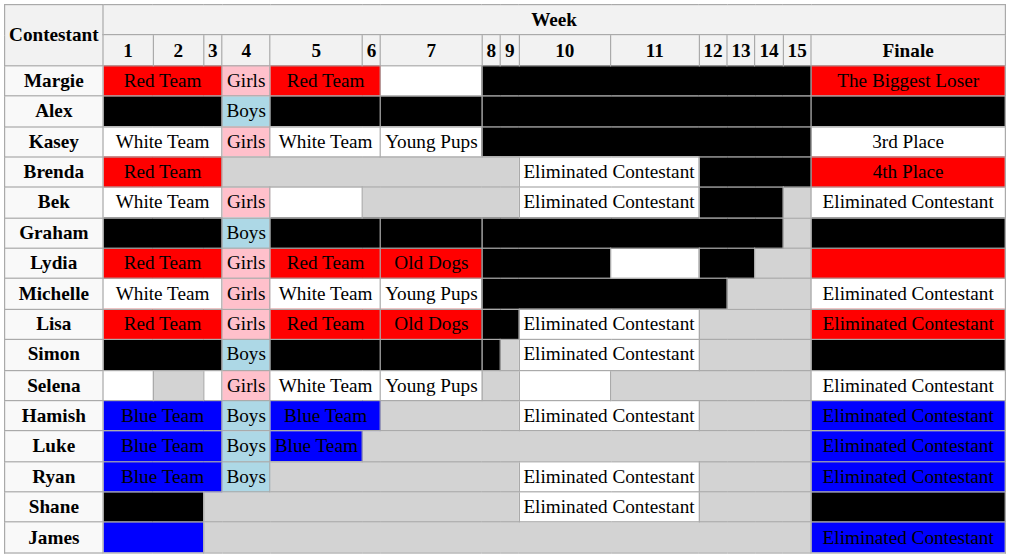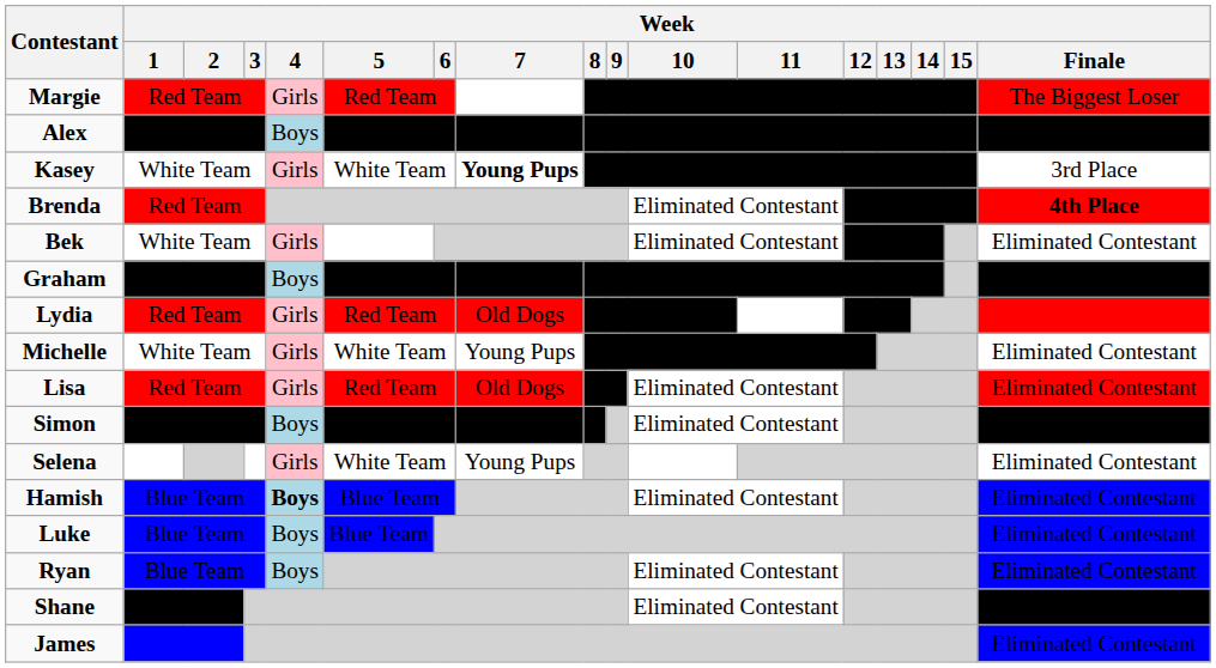 <table class="wikitable" style="text-align:center" align="center">
 <tr>
 <th rowspan=2>Contestant</th>
 <th colspan=16>Week</th>
 </tr>
 <tr>
 <th>1</th>
 <th>2</th>
 <th>3</th>
 <th>4</th>
 <th>5</th>
 <th>6</th>
 <th>7</th>
 <th>8</th>
 <th>9</th>
 <th>10</th>
 <th>11</th>
 <th>12</th>
 <th>13</th>
 <th>14</th>
 <th>15</th>
 <th>Finale</th>
 </tr>
 <tr>
 <td><strong>Margie</strong></td>
 <td bgcolor="red" colspan="3"><span>Red Team</span></td>
 <td bgcolor="pink" colspan="1">Girls</td>
 <td bgcolor="red" colspan="2"><span>Red Team</span></td>
 <td bgcolor="white" colspan="1"></td>
 <td bgcolor="black" colspan="8"><span>Black Player</span></td>
 <td bgcolor="red" colspan><span>The Biggest Loser</span></td>
 </tr>
 <tr>
 <td><strong>Alex</strong></td>
 <td bgcolor="black" colspan="3"><span></span></td>
 <td bgcolor="lightblue" colspan="1">Boys</td>
 <td bgcolor="black" colspan="2"><span></span></td>
 <td bgcolor="black" colspan="1"><span>Old Dogs</span></td>
 <td bgcolor="black" colspan="8"><span></span></td>
 <td bgcolor="black" colspan><span>Runner Up</span></td>
 </tr>
 <tr>
 <td><strong>Kasey</strong></td>
 <td bgcolor="white" colspan="3">White Team</td>
 <td bgcolor="pink" colspan="1">Girls</td>
 <td bgcolor="white" colspan="2">White Team</td>
-<td bgcolor="white" colspan="1">Young Pups</td>
+<td bgcolor="white" colspan="1"><strong>Young Pups</strong></td>
 <td bgcolor="black" colspan="8"><span>Black Player</span></td>
 <td bgcolor="white" colspan>3rd Place</td>
 </tr>
 <tr>
 <td><strong>Brenda</strong></td>
 <td bgcolor="red" colspan="3"><span>Red Team</span></td>
 <td bgcolor="lightgrey" colspan="6"></td>
 <td bgcolor="white" colspan="2">Eliminated Contestant</td>
 <td bgcolor="black" colspan="4"><span>Black Player</span></td>
-<td bgcolor="red" colspan><span>4th Place</span></td>
+<td bgcolor="red" colspan><strong><span>4th Place</span></strong></td>
 </tr>
 <tr>
 <td><strong>Bek</strong></td>
 <td bgcolor="white" colspan="3">White Team</td>
 <td bgcolor="pink" colspan="1">Girls</td>
 <td bgcolor="white" colspan></td>
 <td bgcolor="lightgrey" colspan="4"></td>
 <td bgcolor="white" colspan="2">Eliminated Contestant</td>
 <td bgcolor="black" colspan="3"><span></span></td>
 <td bgcolor="lightgrey" colspan></td>
 <td bgcolor="white" colspan>Eliminated Contestant</td>
 </tr>
 <tr>
 <td><strong>Graham</strong></td>
 <td bgcolor="black" colspan="3"><span>Black Team</span></td>
 <td bgcolor="lightblue" colspan="1">Boys</td>
 <td bgcolor="black" colspan="2"><span>Black Team</span></td>
 <td bgcolor="black" colspan="1"><span>Old Dogs</span></td>
 <td bgcolor="black" colspan="7"><span>Black Player</span></td>
 <td bgcolor="lightgrey" colspan></td>
-<td bgcolor="black" colspan><strong><span>Eliminated Contestant</span></strong></td>
+<td bgcolor="black" colspan><span>Eliminated Contestant</span></td>
 </tr>
 <tr>
 <td><strong>Lydia</strong></td>
 <td bgcolor="red" colspan="3"><span>Red Team</span></td>
 <td bgcolor="pink" colspan="1">Girls</td>
 <td bgcolor="red" colspan="2"><span>Red Team</span></td>
 <td bgcolor="red" colspan="1"><span>Old Dogs</span></td>
 <td bgcolor="black" colspan="3"><span>Black Player</span></td>
 <td bgcolor="white" colspan></td>
 <td bgcolor="black" colspan="2"><span></span></td>
 <td bgcolor="lightgrey" colspan=2></td>
 <td bgcolor="red" colspan="1"><span></span></td>
 </tr>
 <tr>
 <td><strong>Michelle</strong></td>
 <td bgcolor="white" colspan="3">White Team</td>
 <td bgcolor="pink" colspan="1">Girls</td>
 <td bgcolor="white" colspan="2">White Team</td>
 <td bgcolor="white" colspan="1">Young Pups</td>
 <td bgcolor="black" colspan="5"><span>Black Player</span></td>
 <td bgcolor="lightgrey" colspan="3"></td>
 <td bgcolor="white" colspan>Eliminated Contestant</td>
 </tr>
 <tr>
 <td><strong>Lisa</strong></td>
 <td bgcolor="red" colspan="3"><span>Red Team</span></td>
 <td bgcolor="pink" colspan="1">Girls</td>
 <td bgcolor="red" colspan="2"><span>Red Team</span></td>
 <td bgcolor="red" colspan="1"><span>Old Dogs</span></td>
 <td bgcolor="black" colspan="2"><span></span></td>
 <td bgcolor="white" colspan="2">Eliminated Contestant</td>
 <td bgcolor="lightgrey" colspan="4"></td>
 <td bgcolor="red" colspan><span>Eliminated Contestant</span></td>
 </tr>
 <tr>
 <td><strong>Simon</strong></td>
 <td bgcolor="black" colspan="3"><span>Black Team</span></td>
 <td bgcolor="lightblue" colspan="1">Boys</td>
 <td bgcolor="black" colspan="2"><span>Black Team</span></td>
 <td bgcolor="black" colspan="1"><span>Old Dogs</span></td>
 <td bgcolor="black" colspan><span></span></td>
 <td bgcolor="lightgrey" colspan="1"></td>
 <td bgcolor="white" colspan="2">Eliminated Contestant</td>
 <td bgcolor="lightgrey" colspan="4"></td>
 <td bgcolor="black" colspan><span>Eliminated Contestant</span></td>
 </tr>
 <tr>
 <td><strong>Selena</strong></td>
 <td bgcolor="white" colspan="1"></td>
 <td bgcolor="lightgrey" colspan="1"></td>
 <td bgcolor="white" colspan="1"></td>
 <td bgcolor="pink" colspan="1">Girls</td>
 <td bgcolor="white" colspan="2">White Team</td>
 <td bgcolor="white" colspan="1">Young Pups</td>
 <td bgcolor="lightgrey" colspan="2"></td>
 <td bgcolor="white" colspan></td>
 <td bgcolor="lightgrey" colspan="5"></td>
 <td bgcolor="white" colspan>Eliminated Contestant</td>
 </tr>
 <tr>
 <td><strong>Hamish</strong></td>
 <td bgcolor="blue" colspan="3"><span>Blue Team</span></td>
-<td bgcolor="lightblue" colspan="1">Boys</td>
+<td bgcolor="lightblue" colspan="1"><strong>Boys</strong></td>
 <td bgcolor="blue" colspan="2"><span>Blue Team</span></td>
 <td bgcolor="lightgrey" colspan="3"></td>
 <td bgcolor="white" colspan="2">Eliminated Contestant</td>
 <td bgcolor="lightgrey" colspan="4"></td>
 <td bgcolor="blue" colspan><span>Eliminated Contestant</span></td>
 </tr>
 <tr>
 <td><strong>Luke</strong></td>
 <td bgcolor="blue" colspan="3"><span>Blue Team</span></td>
 <td bgcolor="lightblue" colspan="1">Boys</td>
 <td bgcolor="blue" colspan><span>Blue Team</span></td>
 <td bgcolor="lightgrey" colspan="10"></td>
 <td bgcolor="blue" colspan><span>Eliminated Contestant</span></td>
 </tr>
 <tr>
 <td><strong>Ryan</strong></td>
 <td bgcolor="blue" colspan="3"><span>Blue Team</span></td>
 <td bgcolor="lightblue" colspan="1">Boys</td>
 <td bgcolor="lightgrey" colspan="5"></td>
 <td bgcolor="white" colspan="2">Eliminated Contestant</td>
 <td bgcolor="lightgrey" colspan="4"></td>
 <td bgcolor="blue" colspan><span>Eliminated Contestant</span></td>
 </tr>
 <tr>
 <td><strong>Shane</strong></td>
 <td bgcolor="black" colspan="2"><span>Black Team</span></td>
 <td bgcolor="lightgrey" colspan="7"></td>
 <td bgcolor="white" colspan="2">Eliminated Contestant</td>
 <td bgcolor="lightgrey" colspan="4"></td>
 <td bgcolor="black" colspan><strong><span>Eliminated Contestant</span></strong></td>
 </tr>
 <tr>
 <td><strong>James</strong></td>
 <td bgcolor="blue" colspan="2"><span></span></td>
 <td bgcolor="lightgrey" colspan="13"></td>
 <td bgcolor="blue" colspan><span>Eliminated Contestant</span></td>
 </tr>
 </table>
